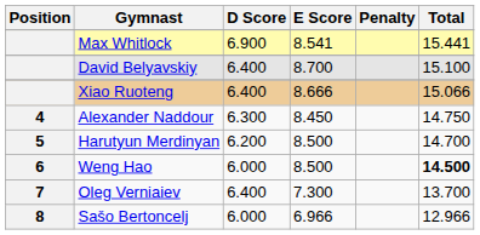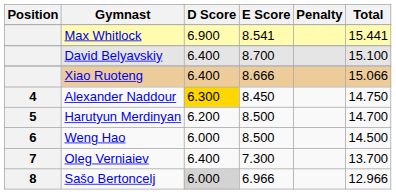 <table class="wikitable sortable">
 <tr>
 <th>Position</th>
 <th>Gymnast</th>
 <th>D Score</th>
 <th>E Score</th>
 <th>Penalty</th>
 <th>Total</th>
 </tr>
 <tr>
 </tr>
 <tr style="background:#fffcaf;">
 <th scope="row" style="text-align:center"></th>
 <td> <a href='#'>Max Whitlock</a></td>
 <td>6.900</td>
 <td>8.541</td>
 <td></td>
 <td>15.441</td>
 </tr>
 <tr>
 </tr>
 <tr style="background:#e5e5e5;">
 <th scope="row" style="text-align:center"></th>
 <td> <a href='#'>David Belyavskiy</a></td>
 <td>6.400</td>
 <td>8.700</td>
 <td></td>
 <td>15.100</td>
 </tr>
 <tr>
 </tr>
 <tr style="background:#ec9;">
 <th scope="row" style="text-align:center"></th>
 <td> <a href='#'>Xiao Ruoteng</a></td>
 <td>6.400</td>
 <td>8.666</td>
 <td></td>
 <td>15.066</td>
 </tr>
 <tr>
 <th>4</th>
 <td> <a href='#'>Alexander Naddour</a></td>
-<td>6.300</td>
+<td style="background: gold;">6.300</td>
 <td>8.450</td>
 <td></td>
 <td>14.750</td>
 </tr>
 <tr>
 <th>5</th>
 <td> <a href='#'>Harutyun Merdinyan</a></td>
 <td>6.200</td>
 <td>8.500</td>
 <td></td>
 <td>14.700</td>
 </tr>
 <tr>
 <th>6</th>
 <td> <a href='#'>Weng Hao</a></td>
 <td>6.000</td>
 <td>8.500</td>
 <td></td>
-<td><strong>14.500</strong></td>
+<td>14.500</td>
 </tr>
 <tr>
 <th>7</th>
 <td> <a href='#'>Oleg Verniaiev</a></td>
 <td>6.400</td>
 <td>7.300</td>
 <td></td>
 <td>13.700</td>
 </tr>
 <tr>
 <th>8</th>
 <td> <a href='#'>Sašo Bertoncelj</a></td>
-<td>6.000</td>
+<td style="background: lightgrey;">6.000</td>
 <td>6.966</td>
 <td></td>
 <td>12.966</td>
 </tr>
 </table>
